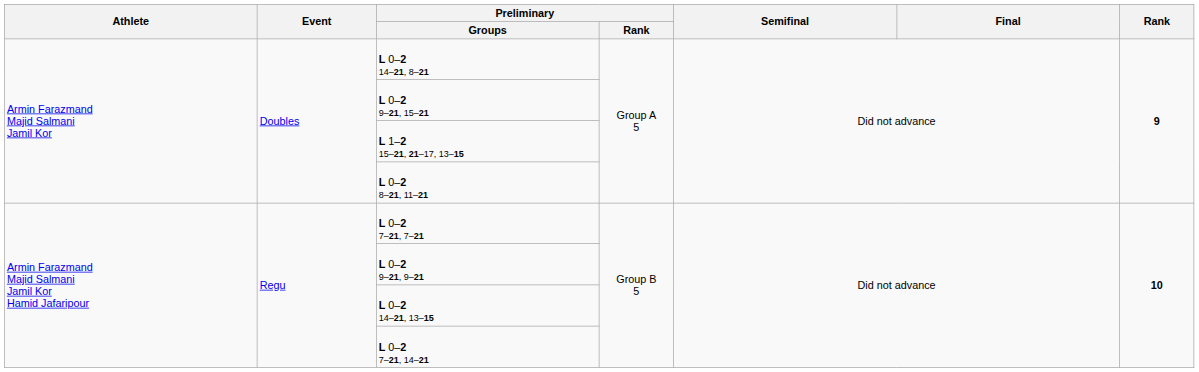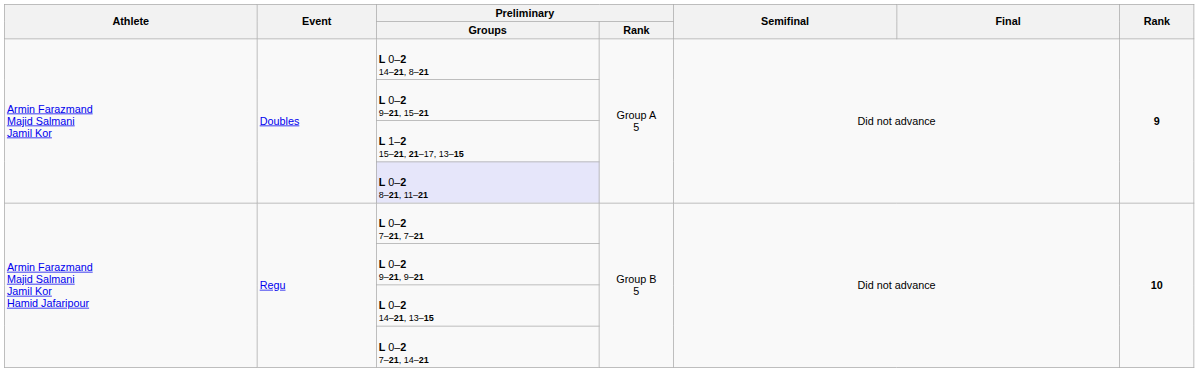 <table class="wikitable" width="80%" style="text-align:left; font-size:90%">
 <tr>
 <th rowspan="2" width="17%">Athlete</th>
 <th rowspan="2" width="8%">Event</th>
 <th colspan="2">Preliminary</th>
 <th rowspan="2" width="15%">Semifinal</th>
 <th rowspan="2" width="15%">Final</th>
 <th rowspan="2" width="5%">Rank</th>
 </tr>
 <tr>
 <th width="15%">Groups</th>
 <th width="5%">Rank</th>
 </tr>
 <tr>
 <td rowspan="4"><a href='#'>Armin Farazmand</a><br><a href='#'>Majid Salmani</a><br><a href='#'>Jamil Kor</a></td>
 <td rowspan="4"><a href='#'>Doubles</a></td>
 <td><br><strong>L</strong> 0–<strong>2</strong><br><small>14–<strong>21</strong>, 8–<strong>21</strong></small></td>
 <td rowspan="4" align=center>Group A<br>5</td>
 <td rowspan="4" colspan=2 align=center>Did not advance</td>
 <td rowspan="4" align="center"><strong>9</strong></td>
 </tr>
 <tr>
 <td><br><strong>L</strong> 0–<strong>2</strong><br><small>9–<strong>21</strong>, 15–<strong>21</strong></small></td>
 </tr>
 <tr>
 <td><br><strong>L</strong> 1–<strong>2</strong><br><small>15–<strong>21</strong>, <strong>21</strong>–17, 13–<strong>15</strong></small></td>
 </tr>
 <tr>
-<td><br><strong>L</strong> 0–<strong>2</strong><br><small>8–<strong>21</strong>, 11–<strong>21</strong></small></td>
+<td style="background: lavender;"><br><strong>L</strong> 0–<strong>2</strong><br><small>8–<strong>21</strong>, 11–<strong>21</strong></small></td>
 </tr>
 <tr>
 <td rowspan="4"><a href='#'>Armin Farazmand</a><br><a href='#'>Majid Salmani</a><br><a href='#'>Jamil Kor</a><br><a href='#'>Hamid Jafaripour</a></td>
 <td rowspan="4"><a href='#'>Regu</a></td>
 <td><br><strong>L</strong> 0–<strong>2</strong><br><small>7–<strong>21</strong>, 7–<strong>21</strong></small></td>
 <td rowspan="4" align=center>Group B<br>5</td>
 <td rowspan="4" colspan=2 align=center>Did not advance</td>
 <td rowspan="4" align="center"><strong>10</strong></td>
 </tr>
 <tr>
 <td><br><strong>L</strong> 0–<strong>2</strong><br><small>9–<strong>21</strong>, 9–<strong>21</strong></small></td>
 </tr>
 <tr>
 <td><br><strong>L</strong> 0–<strong>2</strong><br><small>14–<strong>21</strong>, 13–<strong>15</strong></small></td>
 </tr>
 <tr>
 <td><br><strong>L</strong> 0–<strong>2</strong><br><small>7–<strong>21</strong>, 14–<strong>21</strong></small></td>
 </tr>
 </table>
